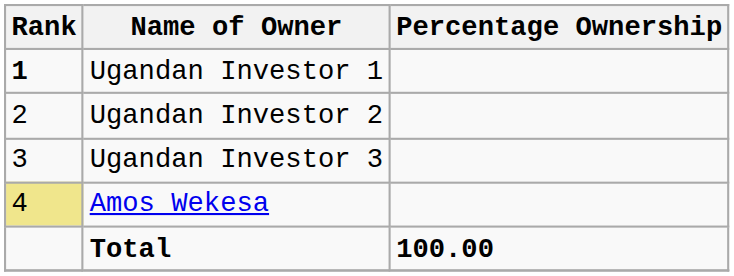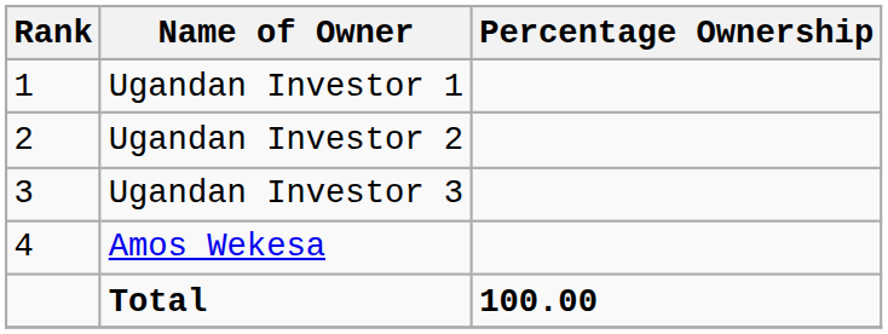 <table class="wikitable sortable">
 <tr>
 <th>Rank</th>
 <th>Name of Owner</th>
 <th>Percentage Ownership</th>
 </tr>
 <tr>
-<td><strong>1</strong></td>
+<td>1</td>
 <td>Ugandan Investor 1</td>
 <td></td>
 </tr>
 <tr>
 <td>2</td>
 <td>Ugandan Investor 2</td>
 <td></td>
 </tr>
 <tr>
 <td>3</td>
 <td>Ugandan Investor 3</td>
 <td></td>
 </tr>
 <tr>
-<td style="background: khaki;">4</td>
+<td>4</td>
 <td><a href='#'>Amos Wekesa</a></td>
 <td></td>
 </tr>
 <tr>
 <td></td>
 <td><strong>Total</strong></td>
 <td><strong>100.00</strong></td>
 </tr>
 <tr>
 </tr>
 </table>
